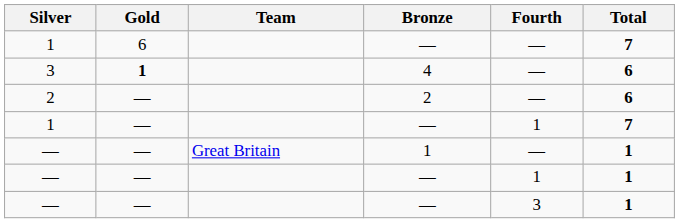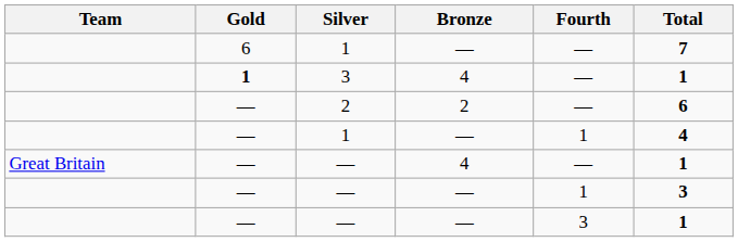 <table class="wikitable sortable" style="text-align:center;">
 <tr>
+<th style="width:10em;">Team</th>
+<th style="width:5em;"> Gold</th>
 <th style="width:5em;"> Silver</th>
-<th style="width:5em;"> Gold</th>
-<th style="width:10em;">Team</th>
 <th style="width:7.5em; padding:0;"> Bronze</th>
 <th style="width:5em;">Fourth</th>
 <th style="width:5em;">Total </th>
 </tr>
 <tr>
+<td align=left></td>
+<td>6</td>
 <td>1</td>
-<td>6</td>
-<td align=left></td>
 <td>—</td>
 <td>—</td>
 <td><strong>7</strong></td>
 </tr>
 <tr>
+<td align=left></td>
+<td><strong>1</strong></td>
 <td>3</td>
-<td><strong>1</strong></td>
-<td align=left></td>
 <td>4</td>
 <td>—</td>
-<td><strong>6</strong></td>
+<td><strong>1</strong></td>
 </tr>
 <tr>
+<td align=left></td>
+<td>—</td>
 <td>2</td>
-<td>—</td>
-<td align=left></td>
 <td>2</td>
 <td>—</td>
 <td><strong>6</strong></td>
 </tr>
 <tr>
-<td>1</td>
-<td>—</td>
 <td align=left></td>
 <td>—</td>
 <td>1</td>
-<td><strong>7</strong></td>
+<td>—</td>
+<td>1</td>
+<td><strong>4</strong></td>
 </tr>
 <tr>
+<td align=left> <a href='#'>Great Britain</a></td>
 <td>—</td>
 <td>—</td>
-<td align=left> <a href='#'>Great Britain</a></td>
-<td>1</td>
+<td>4</td>
 <td>—</td>
 <td><strong>1</strong></td>
 </tr>
 <tr>
+<td align=left></td>
 <td>—</td>
 <td>—</td>
+<td>—</td>
+<td>1</td>
+<td><strong>3</strong></td>
+</tr>
+<tr>
 <td align=left></td>
 <td>—</td>
-<td>1</td>
-<td><strong>1</strong></td>
-</tr>
-<tr>
 <td>—</td>
-<td>—</td>
-<td align=left></td>
 <td>—</td>
 <td>3</td>
 <td><strong>1</strong></td>
 </tr>
 </table>
